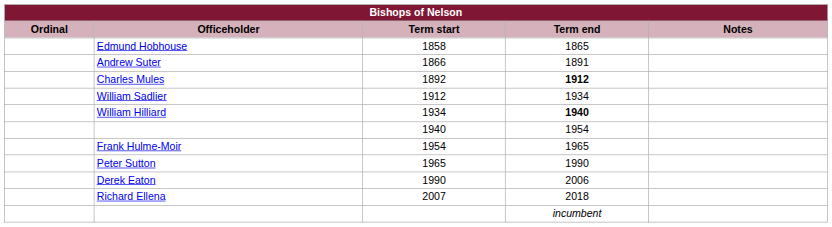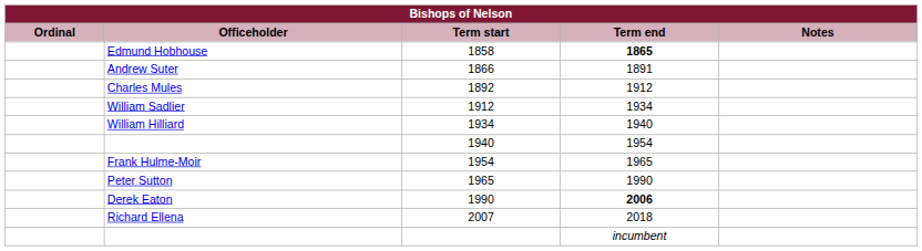 <table class="wikitable sortable">
 <tr>
 <th colspan="6" style="background-color: #7F1734; color: white;">Bishops of Nelson</th>
 </tr>
 <tr>
 <th style="background-color: #D4B1BB; width: 5%;">Ordinal</th>
 <th style="background-color: #D4B1BB; width: 15%;">Officeholder</th>
 <th style="background-color: #D4B1BB; width: 8%;">Term start</th>
 <th style="background-color: #D4B1BB; width: 8%;">Term end</th>
 <th style="background-color: #D4B1BB; width: 10%;">Notes</th>
 </tr>
 <tr valign="top" style="background-color: white;">
 <td align=center></td>
 <td><a href='#'>Edmund Hobhouse</a></td>
 <td align=center>1858</td>
-<td align=center>1865</td>
+<td align=center><strong>1865</strong></td>
 <td></td>
 </tr>
 <tr valign="top" style="background-color: white;">
 <td align=center></td>
 <td><a href='#'>Andrew Suter</a></td>
 <td align=center>1866</td>
 <td align=center>1891</td>
 <td></td>
 </tr>
 <tr valign="top" style="background-color: white;">
 <td align=center></td>
 <td><a href='#'>Charles Mules</a></td>
 <td align=center>1892</td>
-<td align=center><strong>1912</strong></td>
+<td align=center>1912</td>
 <td></td>
 </tr>
 <tr valign="top" style="background-color: white;">
 <td align=center></td>
 <td><a href='#'>William Sadlier</a></td>
 <td align=center>1912</td>
 <td align=center>1934</td>
 <td></td>
 </tr>
 <tr valign="top" style="background-color: white;">
 <td align=center></td>
 <td><a href='#'>William Hilliard</a></td>
 <td align=center>1934</td>
-<td align=center><strong>1940</strong></td>
+<td align=center>1940</td>
 <td></td>
 </tr>
 <tr valign="top" style="background-color: white;">
 <td align=center></td>
 <td></td>
 <td align=center>1940</td>
 <td align=center>1954</td>
 <td></td>
 </tr>
 <tr valign="top" style="background-color: white;">
 <td align=center></td>
 <td><a href='#'>Frank Hulme-Moir</a></td>
 <td align=center>1954</td>
 <td align=center>1965</td>
 <td></td>
 </tr>
 <tr valign="top" style="background-color: white;">
 <td align=center></td>
 <td><a href='#'>Peter Sutton</a></td>
 <td align=center>1965</td>
 <td align=center>1990</td>
 <td></td>
 </tr>
 <tr valign="top" style="background-color: white;">
 <td align=center></td>
 <td><a href='#'>Derek Eaton</a></td>
 <td align=center>1990</td>
-<td align=center>2006</td>
+<td align=center><strong>2006</strong></td>
 <td></td>
 </tr>
 <tr valign="top" style="background-color: white;">
 <td align=center></td>
 <td><a href='#'>Richard Ellena</a></td>
 <td align=center>2007</td>
 <td align=center>2018</td>
 <td></td>
 </tr>
 <tr valign="top" style="background-color: white;">
 <td align=center></td>
 <td></td>
 <td align=center></td>
 <td align=center><em>incumbent</em></td>
 <td></td>
 </tr>
 </table>
